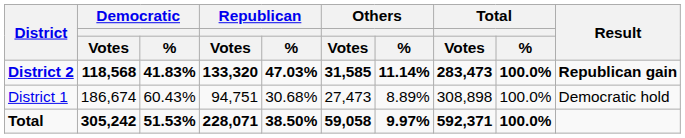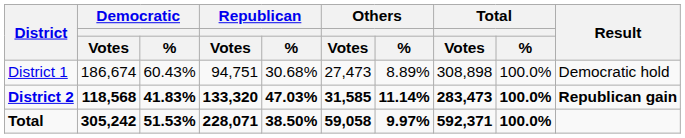 <table class="wikitable plainrowheaders sortable" style="font-size:100%; text-align:right;">
 <tr>
 <th scope=col rowspan=3><a href='#'>District</a></th>
 <th scope=col colspan=2><a href='#'>Democratic</a></th>
 <th scope=col colspan=2><a href='#'>Republican</a></th>
 <th scope=col colspan=2>Others</th>
 <th scope=col colspan=2>Total</th>
 <th scope=col rowspan=3>Result</th>
 </tr>
 <tr>
 <th scope=col colspan=2 style="background:"></th>
 <th scope=col colspan=2 style="background:"></th>
 <th scope=col colspan=2></th>
 <th scope=col colspan=2></th>
 </tr>
 <tr>
 <th scope=col data-sort-type="number">Votes</th>
 <th scope=col data-sort-type="number">%</th>
 <th scope=col data-sort-type="number">Votes</th>
 <th scope=col data-sort-type="number">%</th>
 <th scope=col data-sort-type="number">Votes</th>
 <th scope=col data-sort-type="number">%</th>
 <th scope=col data-sort-type="number">Votes</th>
 <th scope=col data-sort-type="number">%</th>
 </tr>
 <tr>
+<td align=left><a href='#'>District 1</a></td>
+<td>186,674</td>
+<td>60.43%</td>
+<td>94,751</td>
+<td>30.68%</td>
+<td>27,473</td>
+<td>8.89%</td>
+<td>308,898</td>
+<td>100.0%</td>
+<td align=left>Democratic hold</td>
+</tr>
+<tr>
 <td align=left><strong><a href='#'>District 2</a></strong></td>
 <td><strong>118,568</strong></td>
 <td><strong>41.83%</strong></td>
 <td><strong>133,320</strong></td>
 <td><strong>47.03%</strong></td>
 <td><strong>31,585</strong></td>
 <td><strong>11.14%</strong></td>
 <td><strong>283,473</strong></td>
 <td><strong>100.0%</strong></td>
 <td align=left><strong>Republican gain</strong></td>
-</tr>
-<tr>
-<td align=left><a href='#'>District 1</a></td>
-<td>186,674</td>
-<td>60.43%</td>
-<td>94,751</td>
-<td>30.68%</td>
-<td>27,473</td>
-<td>8.89%</td>
-<td>308,898</td>
-<td>100.0%</td>
-<td align=left>Democratic hold</td>
 </tr>
 <tr class="sortbottom" style="font-weight:bold">
 <td align=left>Total</td>
 <td>305,242</td>
 <td>51.53%</td>
 <td>228,071</td>
 <td>38.50%</td>
 <td>59,058</td>
 <td>9.97%</td>
 <td>592,371</td>
 <td>100.0%</td>
 <td></td>
 </tr>
 </table>
